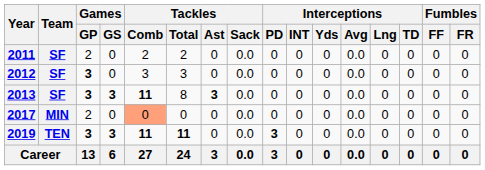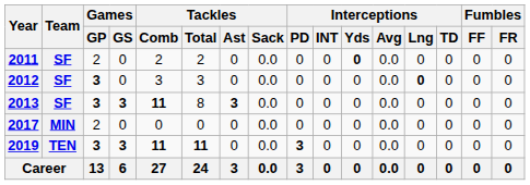 <table class="wikitable" style="text-align:center">
 <tr>
 <th rowspan="2">Year</th>
 <th rowspan="2">Team</th>
 <th colspan="2">Games</th>
 <th colspan="4">Tackles</th>
 <th colspan="6">Interceptions</th>
 <th colspan="2">Fumbles</th>
 </tr>
 <tr>
 <th>GP</th>
 <th>GS</th>
 <th>Comb</th>
 <th>Total</th>
 <th>Ast</th>
 <th>Sack</th>
 <th>PD</th>
 <th>INT</th>
 <th>Yds</th>
 <th>Avg</th>
 <th>Lng</th>
 <th>TD</th>
 <th>FF</th>
 <th>FR</th>
 </tr>
 <tr>
 <th><a href='#'>2011</a></th>
 <th><a href='#'>SF</a></th>
 <td>2</td>
 <td>0</td>
 <td>2</td>
 <td>2</td>
 <td>0</td>
 <td>0.0</td>
 <td>0</td>
 <td>0</td>
-<td>0</td>
+<td><strong>0</strong></td>
 <td>0.0</td>
 <td>0</td>
 <td>0</td>
 <td>0</td>
 <td>0</td>
 </tr>
 <tr>
 <th><a href='#'>2012</a></th>
 <th><a href='#'>SF</a></th>
 <td><strong>3</strong></td>
 <td>0</td>
 <td>3</td>
 <td>3</td>
 <td>0</td>
 <td>0.0</td>
 <td>0</td>
 <td>0</td>
 <td>0</td>
 <td>0.0</td>
-<td>0</td>
+<td><strong>0</strong></td>
 <td>0</td>
 <td>0</td>
 <td>0</td>
 </tr>
 <tr>
 <th><a href='#'>2013</a></th>
 <th><a href='#'>SF</a></th>
 <td><strong>3</strong></td>
 <td><strong>3</strong></td>
 <td><strong>11</strong></td>
 <td>8</td>
 <td><strong>3</strong></td>
 <td>0.0</td>
 <td>0</td>
 <td>0</td>
 <td>0</td>
 <td>0.0</td>
 <td>0</td>
 <td>0</td>
 <td>0</td>
 <td>0</td>
 </tr>
 <tr>
 <th><a href='#'>2017</a></th>
 <th><a href='#'>MIN</a></th>
 <td>2</td>
 <td>0</td>
-<td style="background: lightsalmon;">0</td>
+<td>0</td>
 <td>0</td>
 <td>0</td>
 <td>0.0</td>
 <td>0</td>
 <td>0</td>
 <td>0</td>
 <td>0.0</td>
 <td>0</td>
 <td>0</td>
 <td>0</td>
 <td>0</td>
 </tr>
 <tr>
 <th><a href='#'>2019</a></th>
 <th><a href='#'>TEN</a></th>
 <td><strong>3</strong></td>
 <td><strong>3</strong></td>
 <td><strong>11</strong></td>
 <td><strong>11</strong></td>
 <td>0</td>
 <td>0.0</td>
 <td><strong>3</strong></td>
 <td>0</td>
 <td>0</td>
 <td>0.0</td>
 <td>0</td>
 <td>0</td>
 <td>0</td>
 <td>0</td>
 </tr>
 <tr>
 <th colspan="2">Career</th>
 <th>13</th>
 <th>6</th>
 <th>27</th>
 <th>24</th>
 <th>3</th>
 <th>0.0</th>
 <th>3</th>
 <th>0</th>
 <th>0</th>
 <th>0.0</th>
 <th>0</th>
 <th>0</th>
 <th>0</th>
 <th>0</th>
 </tr>
 </table>
